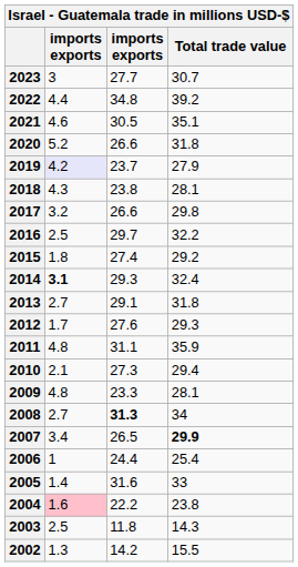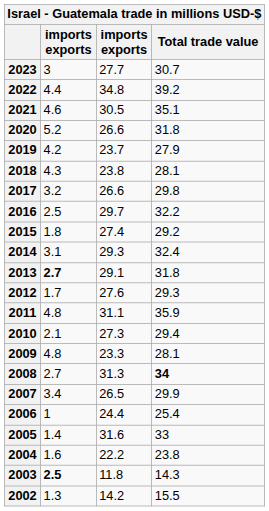 <table class="wikitable mw-collapsible mw-collapsed">
 <tr>
 <th colspan="4">Israel - Guatemala trade in millions USD-$ </th>
 </tr>
 <tr>
 <th></th>
 <th> imports<br> exports</th>
 <th> imports<br>  exports</th>
 <th>Total trade value</th>
 </tr>
 <tr>
 <th>2023</th>
 <td>3</td>
 <td>27.7</td>
 <td>30.7</td>
 </tr>
 <tr>
 <th>2022</th>
 <td>4.4</td>
 <td>34.8</td>
 <td>39.2</td>
 </tr>
 <tr>
 <th>2021</th>
 <td>4.6</td>
 <td>30.5</td>
 <td>35.1</td>
 </tr>
 <tr>
 <th>2020</th>
 <td>5.2</td>
 <td>26.6</td>
 <td>31.8</td>
 </tr>
 <tr>
 <th>2019</th>
-<td style="background: lavender;">4.2</td>
+<td>4.2</td>
 <td>23.7</td>
 <td>27.9</td>
 </tr>
 <tr>
 <th>2018</th>
 <td>4.3</td>
 <td>23.8</td>
 <td>28.1</td>
 </tr>
 <tr>
 <th>2017</th>
 <td>3.2</td>
 <td>26.6</td>
 <td>29.8</td>
 </tr>
 <tr>
 <th>2016</th>
 <td>2.5</td>
 <td>29.7</td>
 <td>32.2</td>
 </tr>
 <tr>
 <th>2015</th>
 <td>1.8</td>
 <td>27.4</td>
 <td>29.2</td>
 </tr>
 <tr>
 <th>2014</th>
-<td><strong>3.1</strong></td>
+<td>3.1</td>
 <td>29.3</td>
 <td>32.4</td>
 </tr>
 <tr>
 <th>2013</th>
-<td>2.7</td>
+<td><strong>2.7</strong></td>
 <td>29.1</td>
 <td>31.8</td>
 </tr>
 <tr>
 <th>2012</th>
 <td>1.7</td>
 <td>27.6</td>
 <td>29.3</td>
 </tr>
 <tr>
 <th>2011</th>
 <td>4.8</td>
 <td>31.1</td>
 <td>35.9</td>
 </tr>
 <tr>
 <th>2010</th>
 <td>2.1</td>
 <td>27.3</td>
 <td>29.4</td>
 </tr>
 <tr>
 <th>2009</th>
 <td>4.8</td>
 <td>23.3</td>
 <td>28.1</td>
 </tr>
 <tr>
 <th>2008</th>
 <td>2.7</td>
-<td><strong>31.3</strong></td>
-<td>34</td>
+<td>31.3</td>
+<td><strong>34</strong></td>
 </tr>
 <tr>
 <th>2007</th>
 <td>3.4</td>
 <td>26.5</td>
-<td><strong>29.9</strong></td>
+<td>29.9</td>
 </tr>
 <tr>
 <th>2006</th>
 <td>1</td>
 <td>24.4</td>
 <td>25.4</td>
 </tr>
 <tr>
 <th>2005</th>
 <td>1.4</td>
 <td>31.6</td>
 <td>33</td>
 </tr>
 <tr>
 <th>2004</th>
-<td style="background: pink;">1.6</td>
+<td>1.6</td>
 <td>22.2</td>
 <td>23.8</td>
 </tr>
 <tr>
 <th>2003</th>
-<td>2.5</td>
+<td><strong>2.5</strong></td>
 <td>11.8</td>
 <td>14.3</td>
 </tr>
 <tr>
 <th>2002</th>
 <td>1.3</td>
 <td>14.2</td>
 <td>15.5</td>
 </tr>
 </table>
